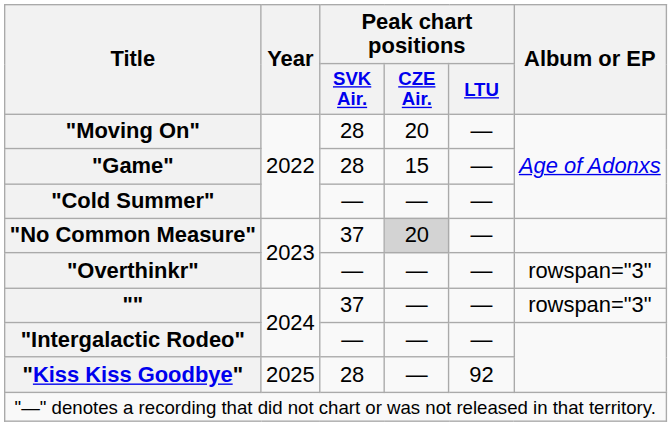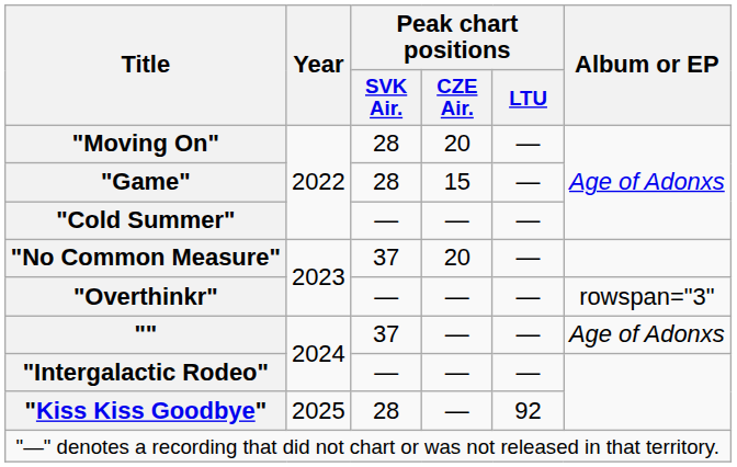 <table class="wikitable plainrowheaders" style="text-align:center;">
 <tr>
 <th scope="col" rowspan="2">Title</th>
 <th scope="col" rowspan="2">Year</th>
 <th scope="col" colspan="3">Peak chart positions</th>
 <th scope="col" rowspan="2">Album or EP</th>
 </tr>
 <tr>
 <th scope="col" style="width:3em;font-size:85%;"><a href='#'>SVK<br>Air.</a><br></th>
 <th scope="col" style="width:3em;font-size:85%;"><a href='#'>CZE<br>Air.</a><br></th>
 <th scope="col" style="width:3em;font-size:85%;"><a href='#'>LTU</a><br></th>
 </tr>
 <tr>
 <th scope="row">"Moving On"</th>
 <td rowspan="3">2022</td>
 <td>28</td>
 <td>20</td>
 <td>—</td>
 <td rowspan="3"><em><a href='#'>Age of Adonxs</a></em></td>
 </tr>
 <tr>
 <th scope="row">"Game"</th>
 <td>28</td>
 <td>15</td>
 <td>—</td>
 </tr>
 <tr>
 <th scope="row">"Cold Summer"</th>
 <td>—</td>
 <td>—</td>
 <td>—</td>
 </tr>
 <tr>
 <th scope="row">"No Common Measure"</th>
 <td rowspan="2">2023</td>
 <td>37</td>
-<td style="background: lightgrey;">20</td>
+<td>20</td>
 <td>—</td>
 <td></td>
 </tr>
 <tr>
 <th scope="row">"Overthinkr"</th>
 <td>—</td>
 <td>—</td>
 <td>—</td>
 <td>rowspan="3" </td>
 </tr>
 <tr>
 <th scope="row">""</th>
 <td rowspan="2">2024</td>
 <td>37</td>
 <td>—</td>
 <td>—</td>
-<td>rowspan="3" </td>
+<td><em>Age of Adonxs</em></td>
 </tr>
 <tr>
 <th scope="row">"Intergalactic Rodeo"</th>
 <td>—</td>
 <td>—</td>
 <td>—</td>
 </tr>
 <tr>
 <th scope="row">"<a href='#'>Kiss Kiss Goodbye</a>"</th>
 <td>2025</td>
 <td>28</td>
 <td>—</td>
 <td>92</td>
 </tr>
 <tr>
 <td colspan="9" style="font-size:85%">"—" denotes a recording that did not chart or was not released in that territory.</td>
 </tr>
 </table>
